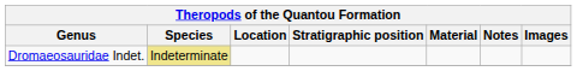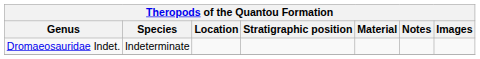 <table class="wikitable" align="center">
 <tr>
 <th colspan="7" align="center"><a href='#'>Theropods</a> of the Quantou Formation</th>
 </tr>
 <tr>
 <th>Genus</th>
 <th>Species</th>
 <th>Location</th>
 <th>Stratigraphic position</th>
 <th>Material</th>
 <th>Notes</th>
 <th>Images</th>
 </tr>
 <tr>
 <td><a href='#'>Dromaeosauridae</a> Indet.</td>
-<td style="background: khaki;">Indeterminate</td>
+<td>Indeterminate</td>
 <td></td>
 <td></td>
 <td></td>
 <td></td>
 <td></td>
 </tr>
 <tr>
 </tr>
 </table>
